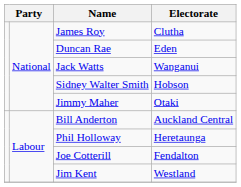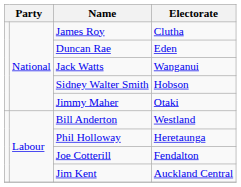 <table class="wikitable">
 <tr>
 <th colspan=2>Party</th>
 <th>Name</th>
 <th>Electorate</th>
 </tr>
 <tr>
 <td rowspan=5 style="background-color: "></td>
 <td rowspan=5><a href='#'>National</a></td>
 <td><a href='#'>James Roy</a></td>
 <td><a href='#'>Clutha</a></td>
 </tr>
 <tr>
 <td><a href='#'>Duncan Rae</a></td>
 <td><a href='#'>Eden</a></td>
 </tr>
 <tr>
 <td><a href='#'>Jack Watts</a></td>
 <td><a href='#'>Wanganui</a></td>
 </tr>
 <tr>
 <td><a href='#'>Sidney Walter Smith</a></td>
 <td><a href='#'>Hobson</a></td>
 </tr>
 <tr>
 <td><a href='#'>Jimmy Maher</a></td>
 <td><a href='#'>Otaki</a></td>
 </tr>
 <tr>
 <td rowspan=4 style="background-color: "></td>
 <td rowspan=4><a href='#'>Labour</a></td>
 <td><a href='#'>Bill Anderton</a></td>
-<td><a href='#'>Auckland Central</a></td>
+<td><a href='#'>Westland</a></td>
 </tr>
 <tr>
 <td><a href='#'>Phil Holloway</a></td>
 <td><a href='#'>Heretaunga</a></td>
 </tr>
 <tr>
 <td><a href='#'>Joe Cotterill</a></td>
 <td><a href='#'>Fendalton</a></td>
 </tr>
 <tr>
 <td><a href='#'>Jim Kent</a></td>
-<td><a href='#'>Westland</a></td>
+<td><a href='#'>Auckland Central</a></td>
 </tr>
 <tr>
 </tr>
 </table>
